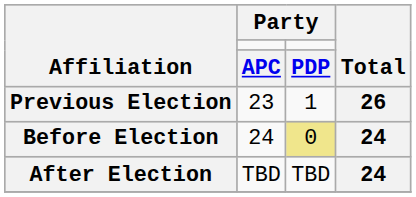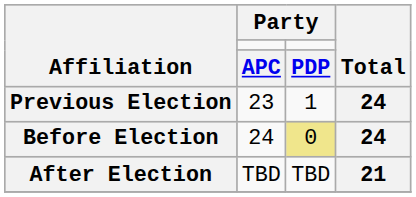 <table class=wikitable style="text-align:center">
 <tr style="vertical-align:bottom;">
 <th rowspan=3>Affiliation</th>
 <th colspan=2>Party</th>
 <th rowspan=3>Total</th>
 </tr>
 <tr>
 <td style="background-color:"></td>
 <td style="background-color:"></td>
 </tr>
 <tr>
 <th><a href='#'>APC</a></th>
 <th><a href='#'>PDP</a></th>
 </tr>
 <tr>
 <th>Previous Election</th>
 <td>23</td>
 <td>1</td>
-<th>26</th>
+<th>24</th>
 </tr>
 <tr>
 <th>Before Election</th>
 <td>24</td>
 <td style="background: khaki;">0</td>
 <th>24</th>
 </tr>
 <tr>
 <th>After Election</th>
 <td>TBD</td>
 <td>TBD</td>
-<th>24</th>
+<th>21</th>
 </tr>
 <tr>
 </tr>
 </table>
